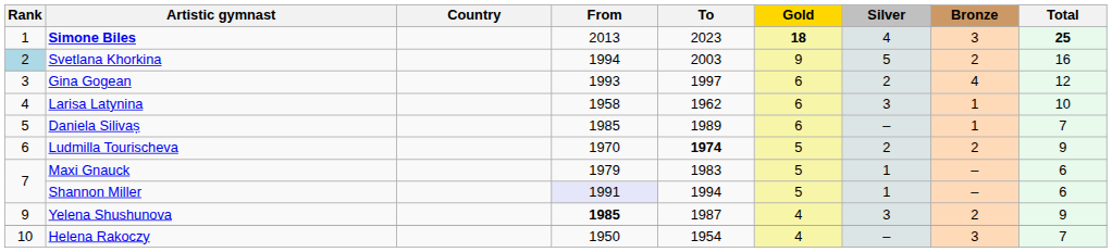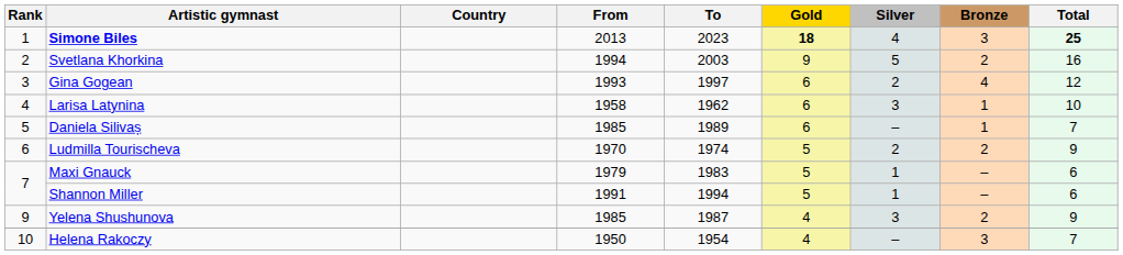 <table class="wikitable plainrowheaders" width=80% style="text-align:center;">
 <tr style="background-color:#EDEDED;">
 <th class="hintergrundfarbe5" style="width:1em">Rank</th>
 <th class="hintergrundfarbe5">Artistic gymnast</th>
 <th class="hintergrundfarbe5">Country</th>
 <th class="hintergrundfarbe5">From</th>
 <th class="hintergrundfarbe5">To</th>
 <th style="background:    gold; width:8%">Gold</th>
 <th style="background:  silver; width:8%">Silver</th>
 <th style="background: #CC9966; width:8%">Bronze</th>
 <th class="hintergrundfarbe5" style="width:8%">Total</th>
 </tr>
 <tr>
 <td>1</td>
 <td style="text-align: left;"><strong><a href='#'>Simone Biles</a></strong></td>
 <td style="text-align: left;"></td>
 <td>2013</td>
 <td>2023</td>
 <td bgcolor="#F7F6A8"><strong>18</strong></td>
 <td bgcolor="#DCE5E5">4</td>
 <td bgcolor="#FFDAB9">3</td>
 <td bgcolor="#E7FAEC"><strong>25</strong></td>
 </tr>
 <tr style="text-align: center;">
-<td style="background: lightblue;">2</td>
+<td>2</td>
 <td style="text-align: left;"><a href='#'>Svetlana Khorkina</a></td>
 <td style="text-align: left;"></td>
 <td>1994</td>
 <td>2003</td>
 <td bgcolor="#F7F6A8">9</td>
 <td bgcolor="#DCE5E5">5</td>
 <td bgcolor="#FFDAB9">2</td>
 <td bgcolor="#E7FAEC">16</td>
 </tr>
 <tr style="text-align: center;">
 <td>3</td>
 <td style="text-align: left;"><a href='#'>Gina Gogean</a></td>
 <td style="text-align: left;"></td>
 <td>1993</td>
 <td>1997</td>
 <td bgcolor="#F7F6A8">6</td>
 <td bgcolor="#DCE5E5">2</td>
 <td bgcolor="#FFDAB9">4</td>
 <td bgcolor="#E7FAEC">12</td>
 </tr>
 <tr style="text-align: center;">
 <td>4</td>
 <td style="text-align: left;"><a href='#'>Larisa Latynina</a></td>
 <td style="text-align: left;"></td>
 <td>1958</td>
 <td>1962</td>
 <td bgcolor="#F7F6A8">6</td>
 <td bgcolor="#DCE5E5">3</td>
 <td bgcolor="#FFDAB9">1</td>
 <td bgcolor="#E7FAEC">10</td>
 </tr>
 <tr style="text-align: center;">
 <td>5</td>
 <td style="text-align: left;"><a href='#'>Daniela Silivaș</a></td>
 <td style="text-align: left;"></td>
 <td>1985</td>
 <td>1989</td>
 <td bgcolor="#F7F6A8">6</td>
 <td bgcolor="#DCE5E5">–</td>
 <td bgcolor="#FFDAB9">1</td>
 <td bgcolor="#E7FAEC">7</td>
 </tr>
 <tr style="text-align: center;">
 <td>6</td>
 <td style="text-align: left;"><a href='#'>Ludmilla Tourischeva</a></td>
 <td style="text-align: left;"></td>
 <td>1970</td>
-<td><strong>1974</strong></td>
+<td>1974</td>
 <td bgcolor="#F7F6A8">5</td>
 <td bgcolor="#DCE5E5">2</td>
 <td bgcolor="#FFDAB9">2</td>
 <td bgcolor="#E7FAEC">9</td>
 </tr>
 <tr style="text-align: center;">
 <td rowspan="2">7</td>
 <td style="text-align: left;"><a href='#'>Maxi Gnauck</a></td>
 <td style="text-align: left;"></td>
 <td>1979</td>
 <td>1983</td>
 <td bgcolor="#F7F6A8">5</td>
 <td bgcolor="#DCE5E5">1</td>
 <td bgcolor="#FFDAB9">–</td>
 <td bgcolor="#E7FAEC">6</td>
 </tr>
 <tr style="text-align: center;">
 <td style="text-align: left;"><a href='#'>Shannon Miller</a></td>
 <td style="text-align: left;"></td>
-<td style="background: lavender;">1991</td>
+<td>1991</td>
 <td>1994</td>
 <td bgcolor="#F7F6A8">5</td>
 <td bgcolor="#DCE5E5">1</td>
 <td bgcolor="#FFDAB9">–</td>
 <td bgcolor="#E7FAEC">6</td>
 </tr>
 <tr style="text-align: center;">
 <td>9</td>
 <td style="text-align: left;"><a href='#'>Yelena Shushunova</a></td>
 <td style="text-align: left;"></td>
-<td><strong>1985</strong></td>
+<td>1985</td>
 <td>1987</td>
 <td bgcolor="#F7F6A8">4</td>
 <td bgcolor="#DCE5E5">3</td>
 <td bgcolor="#FFDAB9">2</td>
 <td bgcolor="#E7FAEC">9</td>
 </tr>
 <tr style="text-align: center;">
 </tr>
 <tr style="text-align: center;">
 <td>10</td>
 <td style="text-align: left;"><a href='#'>Helena Rakoczy</a></td>
 <td style="text-align: left;"></td>
 <td>1950</td>
 <td>1954</td>
 <td bgcolor="#F7F6A8">4</td>
 <td bgcolor="#DCE5E5">–</td>
 <td bgcolor="#FFDAB9">3</td>
 <td bgcolor="#E7FAEC">7</td>
 </tr>
 </table>
